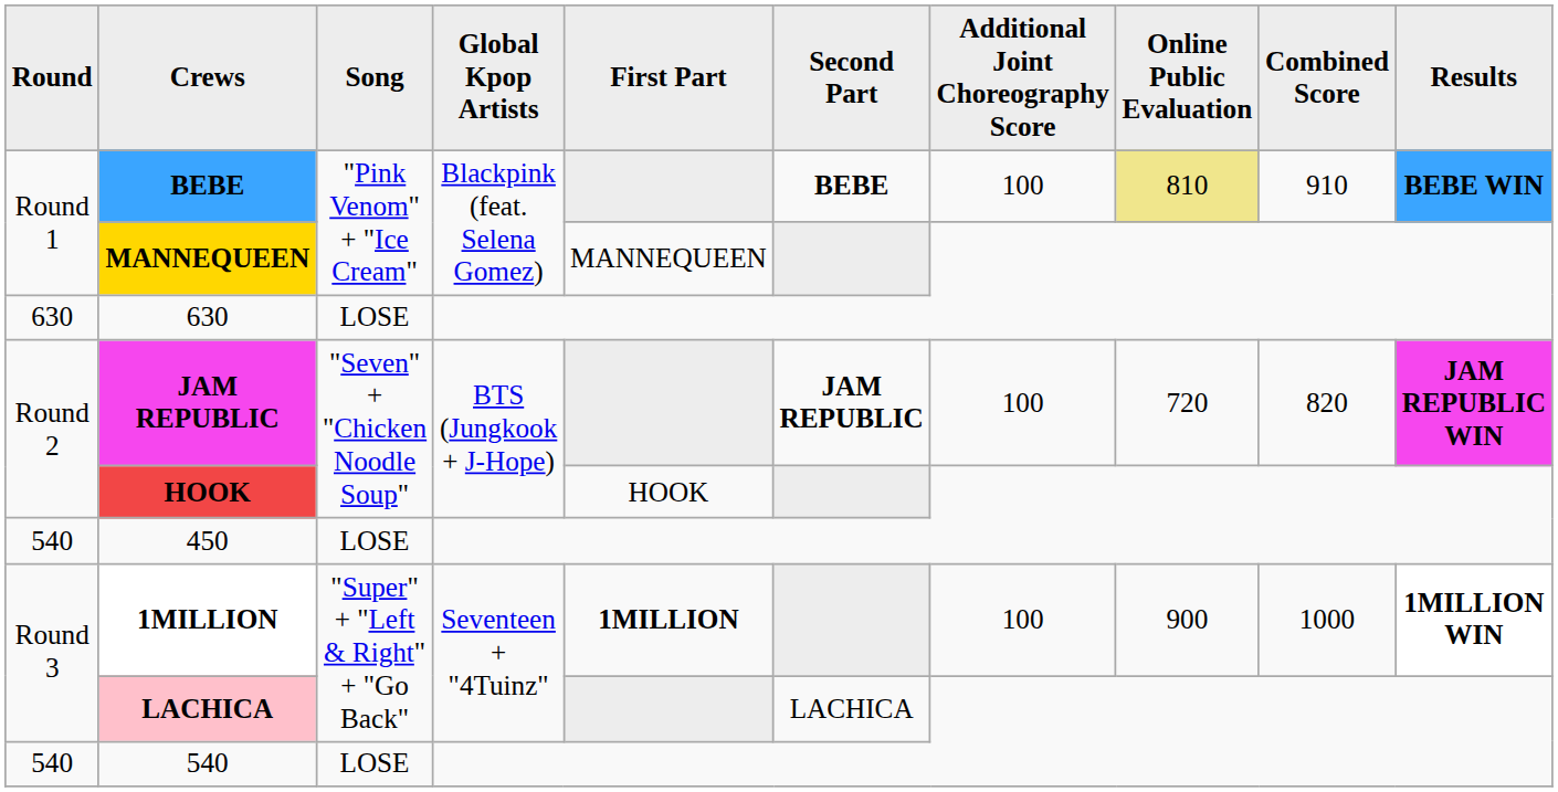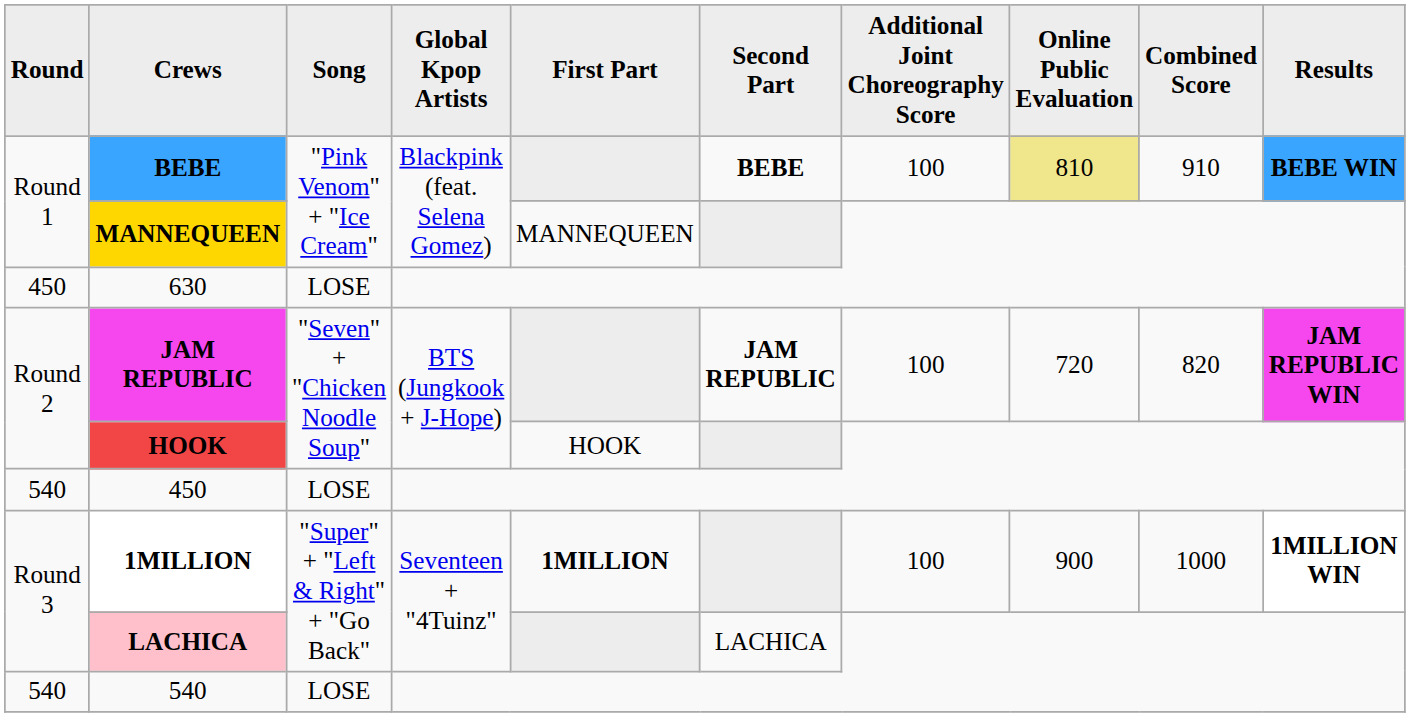 <table class="wikitable sortable" style="text-align:center; font-size:90%">
 <tr>
 <th style="background:#EDEDED">Round</th>
 <th style="background:#EDEDED">Crews</th>
 <th style="background:#EDEDED">Song</th>
 <th style="background:#EDEDED">Global Kpop Artists</th>
 <th style="background:#EDEDED">First Part</th>
 <th style="background:#EDEDED">Second Part</th>
 <th style="background:#EDEDED">Additional Joint Choreography Score</th>
 <th style="background:#EDEDED">Online Public Evaluation</th>
 <th style="background:#EDEDED">Combined Score</th>
 <th style="background:#EDEDED">Results</th>
 </tr>
 <tr>
 <td rowspan="2">Round 1</td>
 <td style="background:#3AA5FF"><strong>BEBE</strong></td>
 <td rowspan="2">"<a href='#'>Pink Venom</a>" + "<a href='#'>Ice Cream</a>"</td>
 <td rowspan="2"><a href='#'>Blackpink</a> (feat. <a href='#'>Selena Gomez</a>)</td>
 <td style="background:#EDEDED"></td>
 <td><strong>BEBE</strong></td>
 <td>100</td>
 <td style="background: khaki;">810</td>
 <td>910</td>
 <td style="background:#3AA5FF"><strong>BEBE WIN</strong></td>
 </tr>
 <tr>
 <td style="background:gold"><strong>MANNEQUEEN</strong></td>
 <td>MANNEQUEEN</td>
 <td style="background:#EDEDED"></td>
 </tr>
 <tr>
-<td>630</td>
+<td>450</td>
 <td>630</td>
 <td>LOSE</td>
 </tr>
 <tr>
 <td rowspan="2">Round 2</td>
 <td style="background:#F646EE"><strong>JAM REPUBLIC</strong></td>
 <td rowspan="2">"<a href='#'>Seven</a>" + "<a href='#'>Chicken Noodle Soup</a>"</td>
 <td rowspan="2"><a href='#'>BTS</a> (<a href='#'>Jungkook</a> + <a href='#'>J-Hope</a>)</td>
 <td style="background:#EDEDED"></td>
 <td><strong>JAM REPUBLIC</strong> </td>
 <td>100</td>
 <td>720</td>
 <td>820</td>
 <td style="background:#F646EE"><strong>JAM REPUBLIC WIN</strong></td>
 </tr>
 <tr>
 <td style="background:#F24646"><strong>HOOK</strong></td>
 <td>HOOK</td>
 <td style="background:#EDEDED"></td>
 </tr>
 <tr>
 <td>540</td>
 <td>450</td>
 <td>LOSE</td>
 </tr>
 <tr>
 <td rowspan="2">Round 3</td>
 <td style="background:white"><strong>1MILLION</strong></td>
 <td rowspan="2">"<a href='#'>Super</a>" + "<a href='#'>Left & Right</a>" + "Go Back"</td>
 <td rowspan="2"><a href='#'>Seventeen</a> + "4Tuinz"</td>
 <td><strong>1MILLION</strong></td>
 <td style="background:#EDEDED"></td>
 <td>100</td>
 <td>900</td>
 <td>1000</td>
 <td style="background:white"><strong>1MILLION WIN</strong></td>
 </tr>
 <tr>
 <td style="background:pink"><strong>LACHICA</strong></td>
 <td style="background:#EDEDED"></td>
 <td>LACHICA</td>
 </tr>
 <tr>
 <td>540</td>
 <td>540</td>
 <td>LOSE</td>
 </tr>
 </table>
